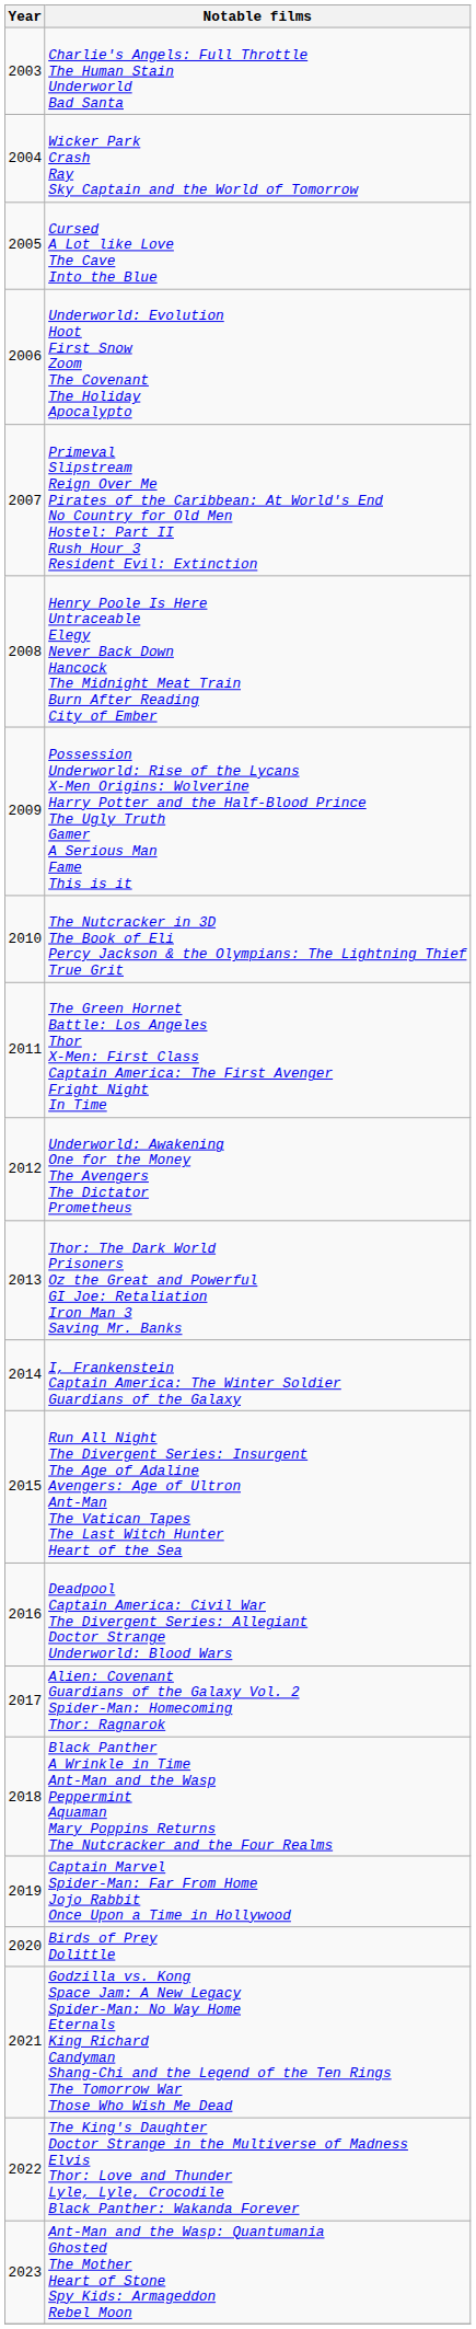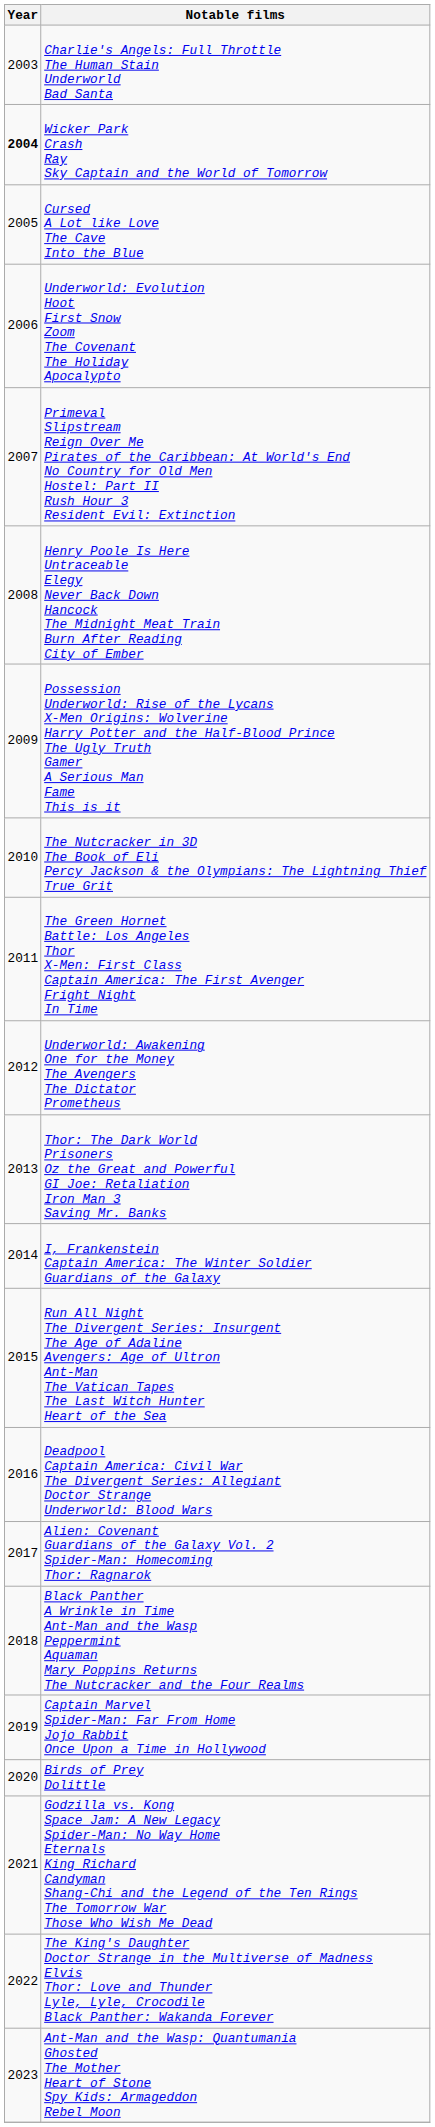 <table class="wikitable">
 <tr>
 <th>Year</th>
 <th>Notable films</th>
 </tr>
 <tr>
 <td>2003</td>
 <td><br><em><a href='#'>Charlie's Angels: Full Throttle</a></em><br><em><a href='#'>The Human Stain</a></em><br><em><a href='#'>Underworld</a></em><br><em><a href='#'>Bad Santa</a></em></td>
 </tr>
 <tr>
-<td>2004</td>
+<td><strong>2004</strong></td>
 <td><br><em><a href='#'>Wicker Park</a></em><br><em><a href='#'>Crash</a></em><br><em><a href='#'>Ray</a></em><br><em><a href='#'>Sky Captain and the World of Tomorrow</a></em></td>
 </tr>
 <tr>
 <td>2005</td>
 <td><br><em><a href='#'>Cursed</a></em><br><em><a href='#'>A Lot like Love</a></em><br><em><a href='#'>The Cave</a></em><br><em><a href='#'>Into the Blue</a></em></td>
 </tr>
 <tr>
 <td>2006</td>
 <td><br><em><a href='#'>Underworld: Evolution</a></em><br><em><a href='#'>Hoot</a></em><br><em><a href='#'>First Snow</a></em><br><em><a href='#'>Zoom</a></em><br><em><a href='#'>The Covenant</a></em><br><em><a href='#'>The Holiday</a></em><br><em><a href='#'>Apocalypto</a></em></td>
 </tr>
 <tr>
 <td>2007</td>
 <td><br><em><a href='#'>Primeval</a></em><br><em><a href='#'>Slipstream</a></em><br><em><a href='#'>Reign Over Me</a></em><br><em><a href='#'>Pirates of the Caribbean: At World's End</a></em><br><em><a href='#'>No Country for Old Men</a></em><br><em><a href='#'>Hostel: Part II</a></em><br><em><a href='#'>Rush Hour 3</a></em><br><em><a href='#'>Resident Evil: Extinction</a></em></td>
 </tr>
 <tr>
 <td>2008</td>
 <td><br><em><a href='#'>Henry Poole Is Here</a></em><br><em><a href='#'>Untraceable</a></em><br><em><a href='#'>Elegy</a></em><br><em><a href='#'>Never Back Down</a></em><br><em><a href='#'>Hancock</a></em><br><em><a href='#'>The Midnight Meat Train</a></em><br><em><a href='#'>Burn After Reading</a></em><br><em><a href='#'>City of Ember</a></em></td>
 </tr>
 <tr>
 <td>2009</td>
 <td><br><em><a href='#'>Possession</a></em> <br><em><a href='#'>Underworld: Rise of the Lycans</a></em><br><em><a href='#'>X-Men Origins: Wolverine</a></em><br><em><a href='#'>Harry Potter and the Half-Blood Prince</a></em><br><em><a href='#'>The Ugly Truth</a></em><br><em><a href='#'>Gamer</a></em><br><em><a href='#'>A Serious Man</a></em><br><em><a href='#'>Fame</a></em><br><em><a href='#'>This is it</a></em></td>
 </tr>
 <tr>
 <td>2010</td>
 <td><br><em><a href='#'>The Nutcracker in 3D</a></em><br><em><a href='#'>The Book of Eli</a></em><br><em><a href='#'>Percy Jackson & the Olympians: The Lightning Thief</a></em><br><em><a href='#'>True Grit</a></em></td>
 </tr>
 <tr>
 <td>2011</td>
 <td><br><em><a href='#'>The Green Hornet</a></em><br><em><a href='#'>Battle: Los Angeles</a></em><br><em><a href='#'>Thor</a></em><br><em><a href='#'>X-Men: First Class</a></em><br><em><a href='#'>Captain America: The First Avenger</a></em><br><em><a href='#'>Fright Night</a></em><br><em><a href='#'>In Time</a></em></td>
 </tr>
 <tr>
 <td>2012</td>
 <td><br><em><a href='#'>Underworld: Awakening</a></em> <br><em><a href='#'>One for the Money</a></em><br><em><a href='#'>The Avengers</a></em><br><em><a href='#'>The Dictator</a></em> <br><em><a href='#'>Prometheus</a></em></td>
 </tr>
 <tr>
 <td>2013</td>
 <td><br><em><a href='#'>Thor: The Dark World</a></em><br><em><a href='#'>Prisoners</a></em><br><em><a href='#'>Oz the Great and Powerful</a></em><br><em><a href='#'>GI Joe: Retaliation</a></em><br><em><a href='#'>Iron Man 3</a></em><br><em><a href='#'>Saving Mr. Banks</a></em></td>
 </tr>
 <tr>
 <td>2014</td>
 <td><br><em><a href='#'>I, Frankenstein</a></em><br><em><a href='#'>Captain America: The Winter Soldier</a></em><br><em><a href='#'>Guardians of the Galaxy</a></em></td>
 </tr>
 <tr>
 <td>2015</td>
 <td><br><em><a href='#'>Run All Night</a></em><br><em><a href='#'>The Divergent Series: Insurgent</a></em><br><em><a href='#'>The Age of Adaline</a></em><br><em><a href='#'>Avengers: Age of Ultron</a></em><br><em><a href='#'>Ant-Man</a></em><br><em><a href='#'>The Vatican Tapes</a></em><br><em><a href='#'>The Last Witch Hunter</a></em><br><em><a href='#'>Heart of the Sea</a></em></td>
 </tr>
 <tr>
 <td>2016</td>
 <td><br><em><a href='#'>Deadpool</a></em><br><em><a href='#'>Captain America: Civil War</a></em><br><em><a href='#'>The Divergent Series: Allegiant</a></em><br><em><a href='#'>Doctor Strange</a></em><br><em><a href='#'>Underworld: Blood Wars</a></em></td>
 </tr>
 <tr>
 <td>2017</td>
 <td><em><a href='#'>Alien: Covenant</a></em><br><em><a href='#'>Guardians of the Galaxy Vol. 2</a><br><a href='#'>Spider-Man: Homecoming</a><br><a href='#'>Thor: Ragnarok</a></em></td>
 </tr>
 <tr>
 <td>2018</td>
 <td><em><a href='#'>Black Panther</a></em><br><em><a href='#'>A Wrinkle in Time</a></em><br><em><a href='#'>Ant-Man and the Wasp</a></em><br><em><a href='#'>Peppermint</a></em><br><em><a href='#'>Aquaman</a></em><br><em><a href='#'>Mary Poppins Returns</a></em><br><em><a href='#'>The Nutcracker and the Four Realms</a></em></td>
 </tr>
 <tr>
 <td>2019</td>
 <td><em><a href='#'>Captain Marvel</a></em> <br> <em><a href='#'>Spider-Man: Far From Home</a></em><br><em><a href='#'>Jojo Rabbit</a></em><br><em><a href='#'>Once Upon a Time in Hollywood</a></em></td>
 </tr>
 <tr>
 <td>2020</td>
 <td><em><a href='#'>Birds of Prey</a></em><br><em><a href='#'>Dolittle</a></em></td>
 </tr>
 <tr>
 <td>2021</td>
 <td><em><a href='#'>Godzilla vs. Kong</a></em><br><em><a href='#'>Space Jam: A New Legacy</a></em><br><em><a href='#'>Spider-Man: No Way Home</a></em><br><em><a href='#'>Eternals</a></em><br><em><a href='#'>King Richard</a></em><br><em><a href='#'>Candyman</a></em><br><em><a href='#'>Shang-Chi and the Legend of the Ten Rings</a></em><br><em><a href='#'>The Tomorrow War</a></em><br><em><a href='#'>Those Who Wish Me Dead</a></em><br></td>
 </tr>
 <tr>
 <td>2022</td>
 <td><em><a href='#'>The King's Daughter</a></em><br><em><a href='#'>Doctor Strange in the Multiverse of Madness</a></em><br><em><a href='#'>Elvis</a></em><br><em><a href='#'>Thor: Love and Thunder</a></em><br><em><a href='#'>Lyle, Lyle, Crocodile</a></em><br><em><a href='#'>Black Panther: Wakanda Forever</a></em></td>
 </tr>
 <tr>
 <td>2023</td>
 <td><em><a href='#'>Ant-Man and the Wasp: Quantumania</a></em><br><em><a href='#'>Ghosted</a></em><br><em><a href='#'>The Mother</a></em><br><em><a href='#'>Heart of Stone</a></em><br><em><a href='#'>Spy Kids: Armageddon</a></em><br><em><a href='#'>Rebel Moon</a></em></td>
 </tr>
 <tr>
 </tr>
 </table>
